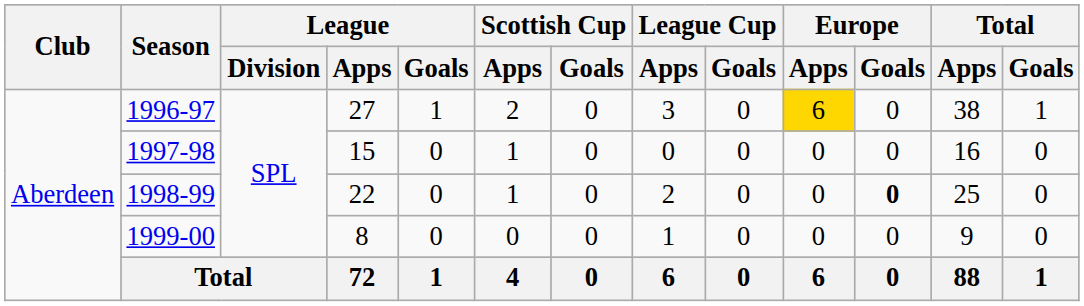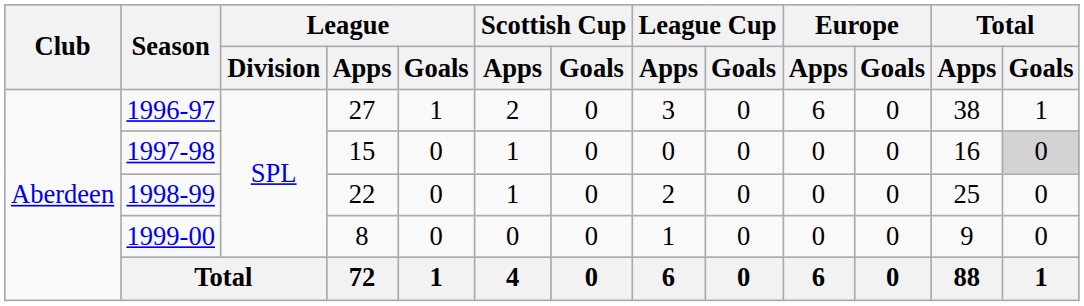 <table class="wikitable" style="text-align:center">
 <tr>
 <th rowspan="2">Club</th>
 <th rowspan="2">Season</th>
 <th colspan="3">League</th>
 <th colspan="2">Scottish Cup</th>
 <th colspan="2">League Cup</th>
 <th colspan="2">Europe</th>
 <th colspan="2">Total</th>
 </tr>
 <tr>
 <th>Division</th>
 <th>Apps</th>
 <th>Goals</th>
 <th>Apps</th>
 <th>Goals</th>
 <th>Apps</th>
 <th>Goals</th>
 <th>Apps</th>
 <th>Goals</th>
 <th>Apps</th>
 <th>Goals</th>
 </tr>
 <tr>
 <td rowspan="5"><a href='#'>Aberdeen</a></td>
 <td><a href='#'>1996-97</a></td>
 <td rowspan="4"><a href='#'>SPL</a></td>
 <td>27</td>
 <td>1</td>
 <td>2</td>
 <td>0</td>
 <td>3</td>
 <td>0</td>
-<td style="background: gold;">6</td>
+<td>6</td>
 <td>0</td>
 <td>38</td>
 <td>1</td>
 </tr>
 <tr>
 <td><a href='#'>1997-98</a></td>
 <td>15</td>
 <td>0</td>
 <td>1</td>
 <td>0</td>
 <td>0</td>
 <td>0</td>
 <td>0</td>
 <td>0</td>
 <td>16</td>
-<td>0</td>
+<td style="background: lightgrey;">0</td>
 </tr>
 <tr>
 <td><a href='#'>1998-99</a></td>
 <td>22</td>
 <td>0</td>
 <td>1</td>
 <td>0</td>
 <td>2</td>
 <td>0</td>
 <td>0</td>
-<td><strong>0</strong></td>
+<td>0</td>
 <td>25</td>
 <td>0</td>
 </tr>
 <tr>
 <td><a href='#'>1999-00</a></td>
 <td>8</td>
 <td>0</td>
 <td>0</td>
 <td>0</td>
 <td>1</td>
 <td>0</td>
 <td>0</td>
 <td>0</td>
 <td>9</td>
 <td>0</td>
 </tr>
 <tr>
 <th colspan="2">Total</th>
 <th>72</th>
 <th>1</th>
 <th>4</th>
 <th>0</th>
 <th>6</th>
 <th>0</th>
 <th>6</th>
 <th>0</th>
 <th>88</th>
 <th>1</th>
 </tr>
 </table>
